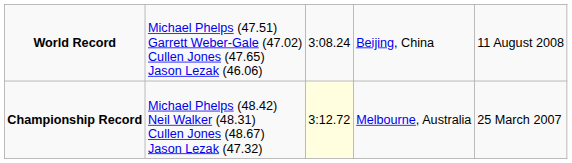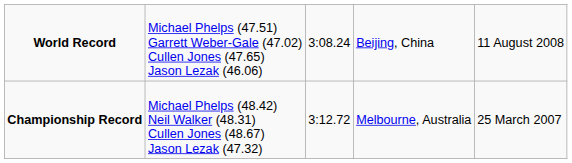 <table class="wikitable" border="1" align="center">
 <tr>
 <td align="center"><strong>World Record</strong></td>
 <td><br><a href='#'>Michael Phelps</a> (47.51)<br><a href='#'>Garrett Weber-Gale</a> (47.02)<br><a href='#'>Cullen Jones</a> (47.65)<br><a href='#'>Jason Lezak</a> (46.06)</td>
 <td>3:08.24</td>
 <td><a href='#'>Beijing</a>, China</td>
 <td>11 August 2008</td>
 </tr>
 <tr>
 <td align="center"><strong>Championship Record</strong></td>
 <td><br><a href='#'>Michael Phelps</a> (48.42)<br><a href='#'>Neil Walker</a> (48.31)<br><a href='#'>Cullen Jones</a> (48.67)<br><a href='#'>Jason Lezak</a> (47.32)</td>
-<td style="background: lightyellow;">3:12.72</td>
+<td>3:12.72</td>
 <td><a href='#'>Melbourne</a>, Australia</td>
 <td>25 March 2007</td>
 </tr>
 </table>
